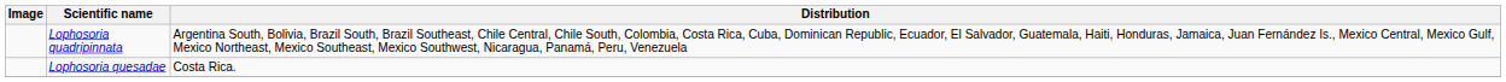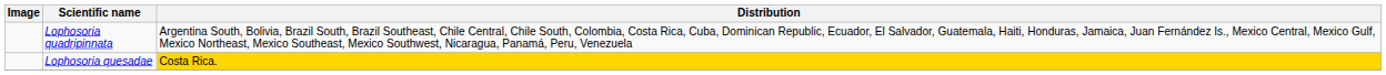 <table class="wikitable">
 <tr>
 <th>Image</th>
 <th>Scientific name</th>
 <th>Distribution</th>
 </tr>
 <tr>
 <td></td>
 <td><em><a href='#'>Lophosoria quadripinnata</a></em> </td>
 <td>Argentina South, Bolivia, Brazil South, Brazil Southeast, Chile Central, Chile South, Colombia, Costa Rica, Cuba, Dominican Republic, Ecuador, El Salvador, Guatemala, Haiti, Honduras, Jamaica, Juan Fernández Is., Mexico Central, Mexico Gulf, Mexico Northeast, Mexico Southeast, Mexico Southwest, Nicaragua, Panamá, Peru, Venezuela</td>
 </tr>
 <tr>
 <td></td>
 <td><em><a href='#'>Lophosoria quesadae</a></em> </td>
-<td>Costa Rica.</td>
+<td style="background: gold;">Costa Rica.</td>
 </tr>
 <tr>
 </tr>
 </table>
